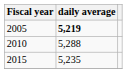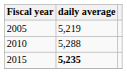 <table class="wikitable">
 <tr>
 <th>Fiscal year</th>
 <th>daily average</th>
 <th></th>
 </tr>
 <tr>
 <td>2005</td>
-<td><strong>5,219</strong></td>
+<td>5,219</td>
 <td></td>
 </tr>
 <tr>
 <td>2010</td>
 <td>5,288</td>
 <td></td>
 </tr>
 <tr>
 <td>2015</td>
-<td>5,235</td>
+<td><strong>5,235</strong></td>
 <td></td>
 </tr>
 <tr>
 </tr>
 </table>
